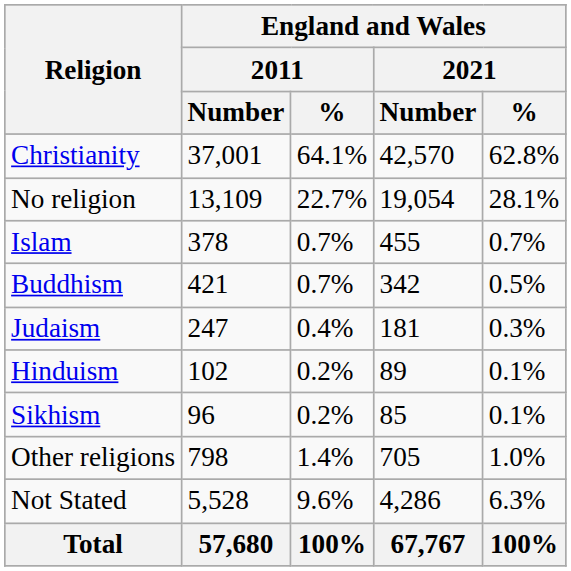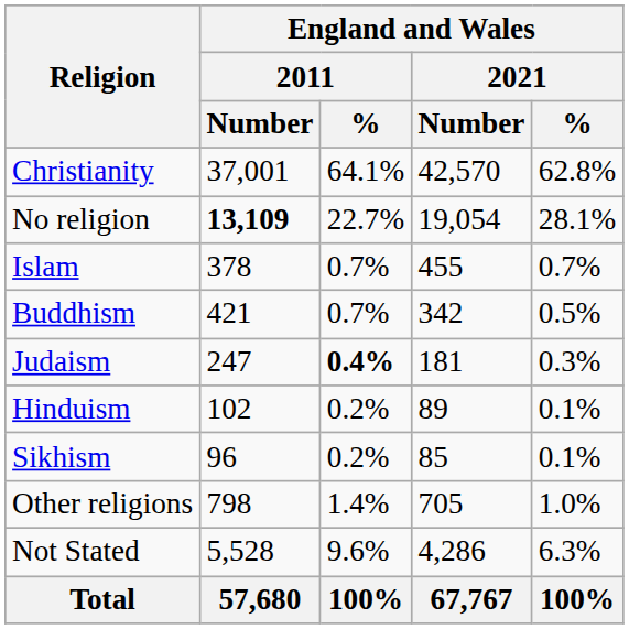 <table class="wikitable">
 <tr>
 <th rowspan="3">Religion</th>
 <th colspan="4">England and Wales</th>
 </tr>
 <tr>
 <th colspan="2">2011</th>
 <th colspan="2">2021</th>
 </tr>
 <tr>
 <th>Number</th>
 <th>%</th>
 <th>Number</th>
 <th>%</th>
 </tr>
 <tr>
 <td> <a href='#'>Christianity</a></td>
 <td>37,001</td>
 <td>64.1%</td>
 <td>42,570</td>
 <td>62.8%</td>
 </tr>
 <tr>
 <td>No religion</td>
-<td>13,109</td>
+<td><strong>13,109</strong></td>
 <td>22.7%</td>
 <td>19,054</td>
 <td>28.1%</td>
 </tr>
 <tr>
 <td> <a href='#'>Islam</a></td>
 <td>378</td>
 <td>0.7%</td>
 <td>455</td>
 <td>0.7%</td>
 </tr>
 <tr>
 <td> <a href='#'>Buddhism</a></td>
 <td>421</td>
 <td>0.7%</td>
 <td>342</td>
 <td>0.5%</td>
 </tr>
 <tr>
 <td> <a href='#'>Judaism</a></td>
 <td>247</td>
-<td>0.4%</td>
+<td><strong>0.4%</strong></td>
 <td>181</td>
 <td>0.3%</td>
 </tr>
 <tr>
 <td> <a href='#'>Hinduism</a></td>
 <td>102</td>
 <td>0.2%</td>
 <td>89</td>
 <td>0.1%</td>
 </tr>
 <tr>
 <td> <a href='#'>Sikhism</a></td>
 <td>96</td>
 <td>0.2%</td>
 <td>85</td>
 <td>0.1%</td>
 </tr>
 <tr>
 <td>Other religions</td>
 <td>798</td>
 <td>1.4%</td>
 <td>705</td>
 <td>1.0%</td>
 </tr>
 <tr>
 <td>Not Stated</td>
 <td>5,528</td>
 <td>9.6%</td>
 <td>4,286</td>
 <td>6.3%</td>
 </tr>
 <tr>
 <th>Total</th>
 <th>57,680</th>
 <th>100%</th>
 <th>67,767</th>
 <th>100%</th>
 </tr>
 </table>
